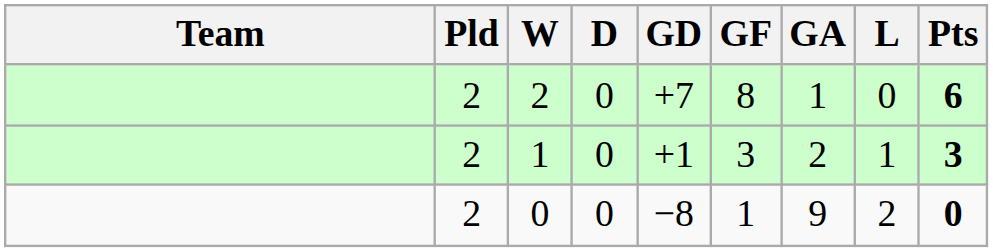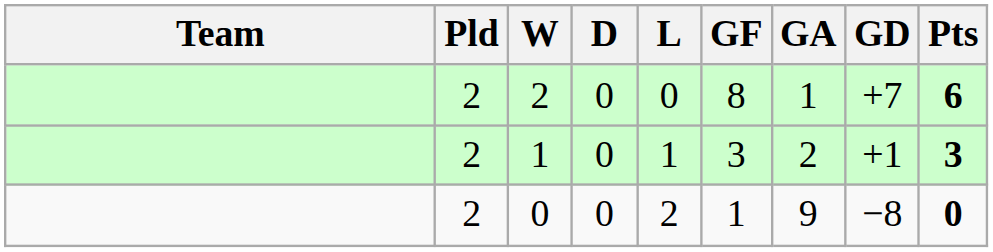 <table class="wikitable" style="text-align:center;">
 <tr>
 <th width=175>Team</th>
 <th width=20 abbr="Played">Pld</th>
 <th width=20 abbr="Won">W</th>
 <th width=20 abbr="Drawn">D</th>
-<th width=20 abbr="Goal difference">GD</th>
+<th width=20 abbr="Lost">L</th>
 <th width=20 abbr="Goals for">GF</th>
 <th width=20 abbr="Goals against">GA</th>
-<th width=20 abbr="Lost">L</th>
+<th width=20 abbr="Goal difference">GD</th>
 <th width=20 abbr="Points">Pts</th>
 </tr>
 <tr bgcolor=#ccffcc>
 <td align=left></td>
 <td>2</td>
 <td>2</td>
 <td>0</td>
-<td>+7</td>
+<td>0</td>
 <td>8</td>
 <td>1</td>
-<td>0</td>
+<td>+7</td>
 <td><strong>6</strong></td>
 </tr>
 <tr bgcolor=#ccffcc>
 <td align=left></td>
 <td>2</td>
 <td>1</td>
 <td>0</td>
-<td>+1</td>
+<td>1</td>
 <td>3</td>
 <td>2</td>
-<td>1</td>
+<td>+1</td>
 <td><strong>3</strong></td>
 </tr>
 <tr>
 <td align=left></td>
 <td>2</td>
 <td>0</td>
 <td>0</td>
-<td>−8</td>
+<td>2</td>
 <td>1</td>
 <td>9</td>
-<td>2</td>
+<td>−8</td>
 <td><strong>0</strong></td>
 </tr>
 </table>
